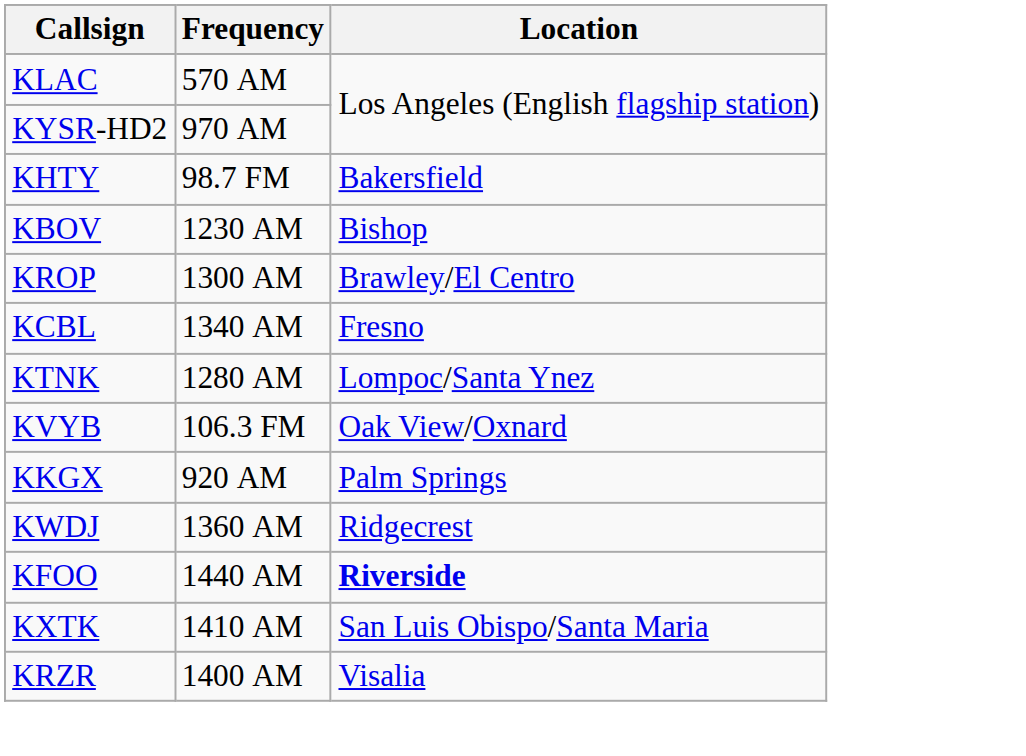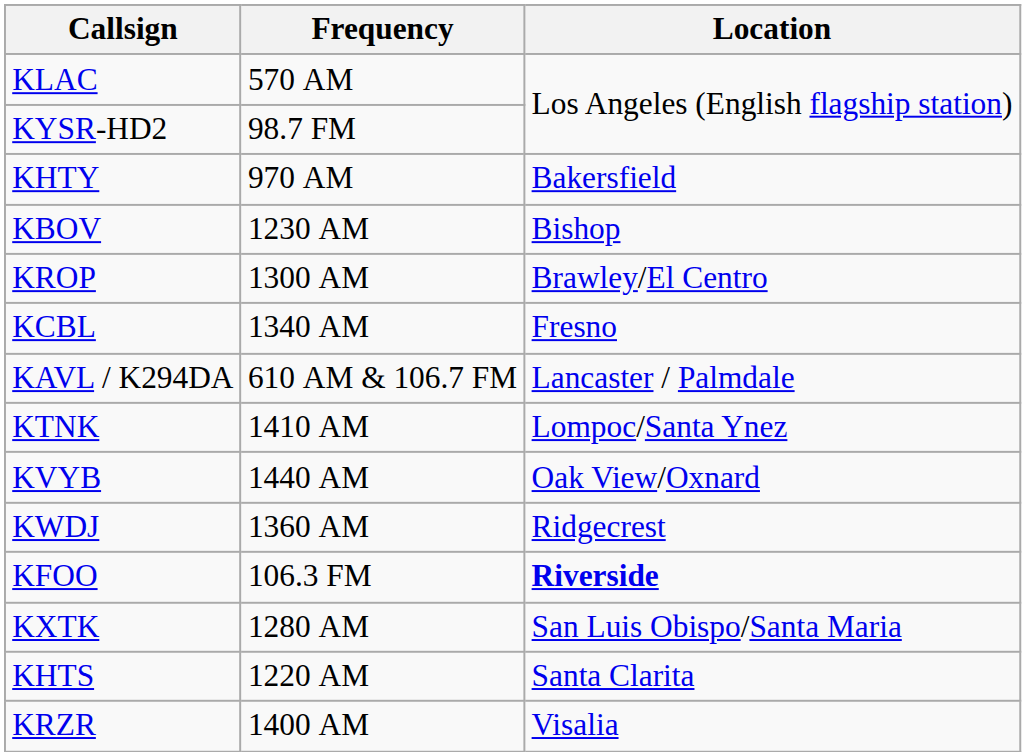 <table class="wikitable">
 <tr>
 <th>Callsign</th>
 <th>Frequency</th>
 <th>Location</th>
 </tr>
 <tr>
 <td><a href='#'>KLAC</a></td>
 <td>570 AM</td>
 <td rowspan=2>Los Angeles (English <a href='#'>flagship station</a>)</td>
 </tr>
 <tr>
 <td><a href='#'>KYSR</a>-HD2</td>
-<td>970 AM</td>
+<td>98.7 FM</td>
 </tr>
 <tr>
 <td><a href='#'>KHTY</a></td>
-<td>98.7 FM</td>
+<td>970 AM</td>
 <td><a href='#'>Bakersfield</a></td>
 </tr>
 <tr>
 <td><a href='#'>KBOV</a></td>
 <td>1230 AM</td>
 <td><a href='#'>Bishop</a></td>
 </tr>
 <tr>
 <td><a href='#'>KROP</a></td>
 <td>1300 AM</td>
 <td><a href='#'>Brawley</a>/<a href='#'>El Centro</a></td>
 </tr>
 <tr>
 <td><a href='#'>KCBL</a></td>
 <td>1340 AM</td>
 <td><a href='#'>Fresno</a></td>
 </tr>
 <tr>
+<td><a href='#'>KAVL</a> / K294DA</td>
+<td>610 AM & 106.7 FM</td>
+<td><a href='#'>Lancaster</a> / <a href='#'>Palmdale</a></td>
+</tr>
+<tr>
 <td><a href='#'>KTNK</a></td>
-<td>1280 AM</td>
+<td>1410 AM</td>
 <td><a href='#'>Lompoc</a>/<a href='#'>Santa Ynez</a></td>
 </tr>
 <tr>
 <td><a href='#'>KVYB</a></td>
-<td>106.3 FM</td>
+<td>1440 AM</td>
 <td><a href='#'>Oak View</a>/<a href='#'>Oxnard</a></td>
-</tr>
-<tr>
-<td><a href='#'>KKGX</a></td>
-<td>920 AM</td>
-<td><a href='#'>Palm Springs</a></td>
 </tr>
 <tr>
 <td><a href='#'>KWDJ</a></td>
 <td>1360 AM</td>
 <td><a href='#'>Ridgecrest</a></td>
 </tr>
 <tr>
 <td><a href='#'>KFOO</a></td>
-<td>1440 AM</td>
+<td>106.3 FM</td>
 <td><strong><a href='#'>Riverside</a></strong></td>
 </tr>
 <tr>
 <td><a href='#'>KXTK</a></td>
-<td>1410 AM</td>
+<td>1280 AM</td>
 <td><a href='#'>San Luis Obispo</a>/<a href='#'>Santa Maria</a></td>
+</tr>
+<tr>
+<td><a href='#'>KHTS</a></td>
+<td>1220 AM</td>
+<td><a href='#'>Santa Clarita</a></td>
 </tr>
 <tr>
 <td><a href='#'>KRZR</a></td>
 <td>1400 AM</td>
 <td><a href='#'>Visalia</a></td>
 </tr>
 </table>
